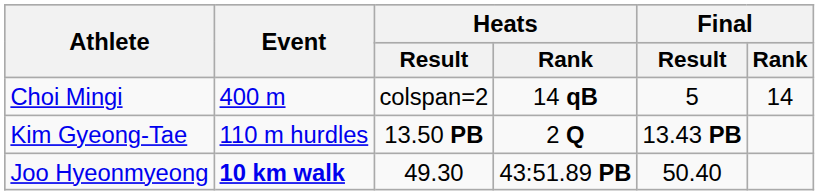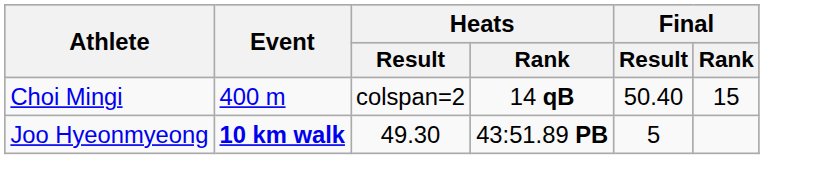 <table class="wikitable" style="font-size:90%">
 <tr>
 <th rowspan=2>Athlete</th>
 <th rowspan=2>Event</th>
 <th colspan=2>Heats</th>
 <th colspan=2>Final</th>
 </tr>
 <tr style="font-size:95%">
 <th>Result</th>
 <th>Rank</th>
 <th>Result</th>
 <th>Rank</th>
 </tr>
 <tr align=center>
 <td align=left><a href='#'>Choi Mingi</a></td>
 <td align=left><a href='#'>400 m</a></td>
 <td>colspan=2 </td>
 <td>14 <strong>qB</strong></td>
-<td>5</td>
-<td>14</td>
-</tr>
-<tr align=center>
-<td align=left><a href='#'>Kim Gyeong-Tae</a></td>
-<td align=left><a href='#'>110 m hurdles</a></td>
-<td>13.50 <strong>PB</strong></td>
-<td>2 <strong>Q</strong></td>
-<td>13.43 <strong>PB</strong></td>
-<td></td>
+<td>50.40</td>
+<td>15</td>
 </tr>
 <tr align=center>
 <td align=left><a href='#'>Joo Hyeonmyeong</a></td>
 <td align=left><strong><a href='#'>10 km walk</a></strong></td>
 <td>49.30</td>
 <td>43:51.89 <strong>PB</strong></td>
-<td>50.40</td>
+<td>5</td>
 </tr>
 </table>
